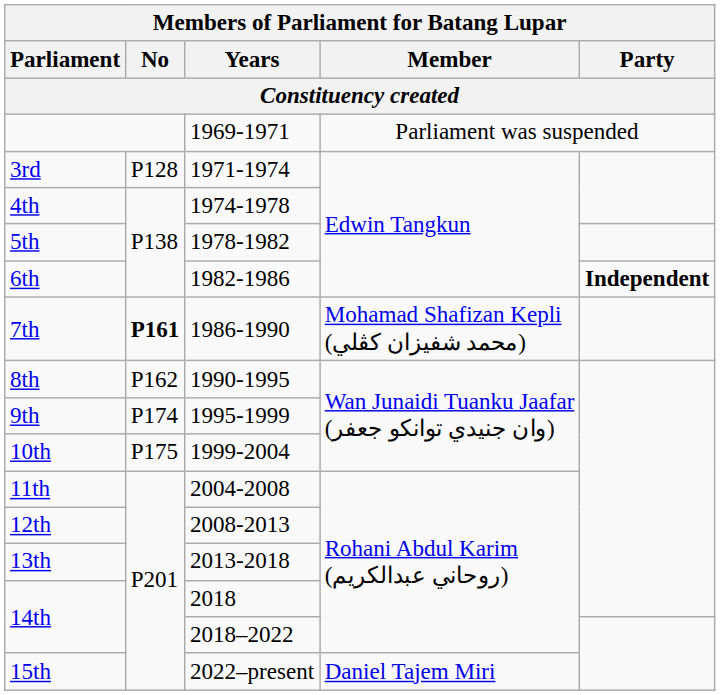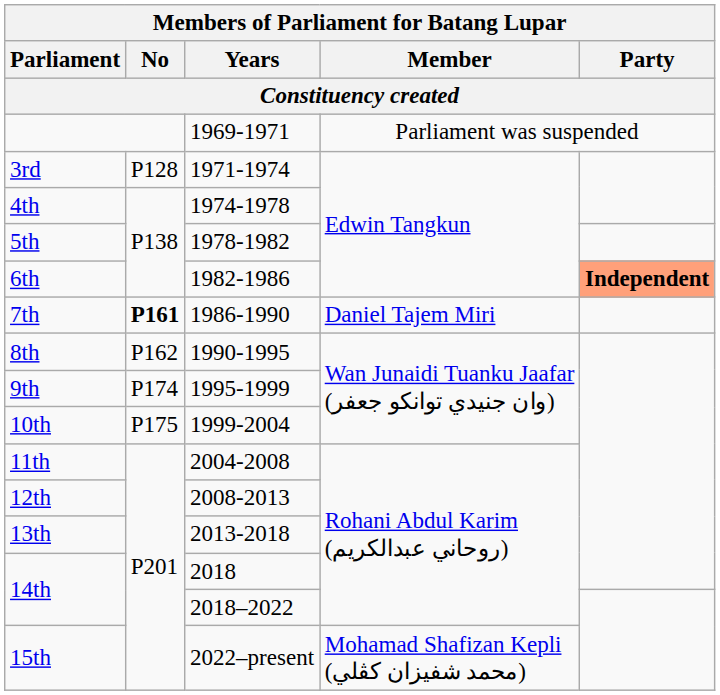 <table class=wikitable>
 <tr>
 <th colspan="5">Members of Parliament for Batang Lupar</th>
 </tr>
 <tr>
 <th>Parliament</th>
 <th>No</th>
 <th>Years</th>
 <th>Member</th>
 <th>Party</th>
 </tr>
 <tr>
 <th colspan="5" align="center"><em>Constituency created</em></th>
 </tr>
 <tr>
 <td colspan="2"></td>
 <td>1969-1971</td>
 <td colspan=2 align=center>Parliament was suspended</td>
 </tr>
 <tr>
 <td><a href='#'>3rd</a></td>
 <td>P128</td>
 <td>1971-1974</td>
 <td rowspan=4><a href='#'>Edwin Tangkun</a></td>
 <td rowspan=2></td>
 </tr>
 <tr>
 <td><a href='#'>4th</a></td>
 <td rowspan="3">P138</td>
 <td>1974-1978</td>
 </tr>
 <tr>
 <td><a href='#'>5th</a></td>
 <td>1978-1982</td>
 <td></td>
 </tr>
 <tr>
 <td><a href='#'>6th</a></td>
 <td>1982-1986</td>
-<td><strong>Independent</strong></td>
+<td style="background: lightsalmon;"><strong>Independent</strong></td>
 </tr>
 <tr>
 <td><a href='#'>7th</a></td>
 <td><strong>P161</strong></td>
 <td>1986-1990</td>
-<td><a href='#'>Mohamad Shafizan Kepli</a> <br>(محمد شفيزان كڤلي)</td>
+<td><a href='#'>Daniel Tajem Miri</a></td>
 <td></td>
 </tr>
 <tr>
 <td><a href='#'>8th</a></td>
 <td>P162</td>
 <td>1990-1995</td>
 <td rowspan=3><a href='#'>Wan Junaidi Tuanku Jaafar</a><br>(وان جنيدي توانكو جعفر)</td>
 <td rowspan="7"></td>
 </tr>
 <tr>
 <td><a href='#'>9th</a></td>
 <td>P174</td>
 <td>1995-1999</td>
 </tr>
 <tr>
 <td><a href='#'>10th</a></td>
 <td>P175</td>
 <td>1999-2004</td>
 </tr>
 <tr>
 <td><a href='#'>11th</a></td>
 <td rowspan="6">P201</td>
 <td>2004-2008</td>
 <td rowspan=5><a href='#'>Rohani Abdul Karim</a><br>(روحاني عبدالكريم)</td>
 </tr>
 <tr>
 <td><a href='#'>12th</a></td>
 <td>2008-2013</td>
 </tr>
 <tr>
 <td><a href='#'>13th</a></td>
 <td>2013-2018</td>
 </tr>
 <tr>
 <td rowspan=2><a href='#'>14th</a></td>
 <td>2018</td>
 </tr>
 <tr>
 <td>2018–2022</td>
 <td rowspan="2"></td>
 </tr>
 <tr>
 <td><a href='#'>15th</a></td>
 <td>2022–present</td>
-<td><a href='#'>Daniel Tajem Miri</a></td>
+<td><a href='#'>Mohamad Shafizan Kepli</a> <br>(محمد شفيزان كڤلي)</td>
 </tr>
 </table>
